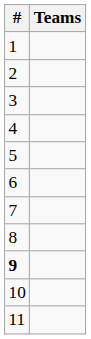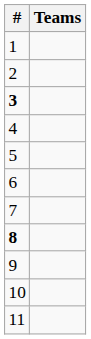 <table class="wikitable">
 <tr>
 <th>#</th>
 <th>Teams</th>
 </tr>
 <tr>
 <td>1</td>
 <td></td>
 </tr>
 <tr>
 <td>2</td>
 <td></td>
 </tr>
 <tr>
-<td>3</td>
+<td><strong>3</strong></td>
 <td></td>
 </tr>
 <tr>
 <td>4</td>
 <td></td>
 </tr>
 <tr>
 <td>5</td>
 <td></td>
 </tr>
 <tr>
 <td>6</td>
 <td></td>
 </tr>
 <tr>
 <td>7</td>
 <td></td>
 </tr>
 <tr>
-<td>8</td>
+<td><strong>8</strong></td>
 <td></td>
 </tr>
 <tr>
-<td><strong>9</strong></td>
+<td>9</td>
 <td></td>
 </tr>
 <tr>
 <td>10</td>
 <td></td>
 </tr>
 <tr>
 <td>11</td>
 <td></td>
 </tr>
 </table>
